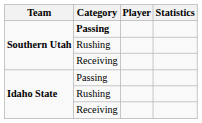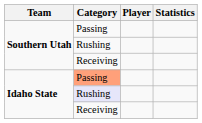 <table class="wikitable" style="float: right;">
 <tr>
 <th>Team</th>
 <th>Category</th>
 <th>Player</th>
 <th>Statistics</th>
 </tr>
 <tr>
 <td rowspan=3><strong>Southern Utah</strong></td>
-<td><strong>Passing</strong></td>
+<td>Passing</td>
 <td></td>
 <td></td>
 </tr>
 <tr>
 <td>Rushing</td>
 <td></td>
 <td></td>
 </tr>
 <tr>
 <td>Receiving</td>
 <td></td>
 <td></td>
 </tr>
 <tr>
 <td rowspan=3><strong>Idaho State</strong></td>
-<td>Passing</td>
+<td style="background: lightsalmon;">Passing</td>
 <td></td>
 <td></td>
 </tr>
 <tr>
-<td>Rushing</td>
+<td style="background: lavender;">Rushing</td>
 <td></td>
 <td></td>
 </tr>
 <tr>
 <td>Receiving</td>
 <td></td>
 <td></td>
 </tr>
 </table>
